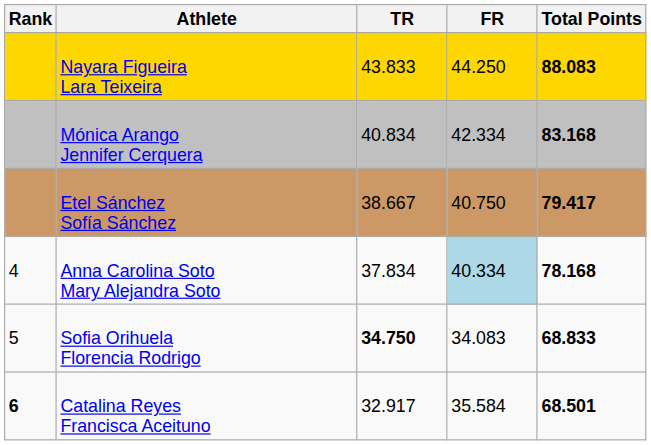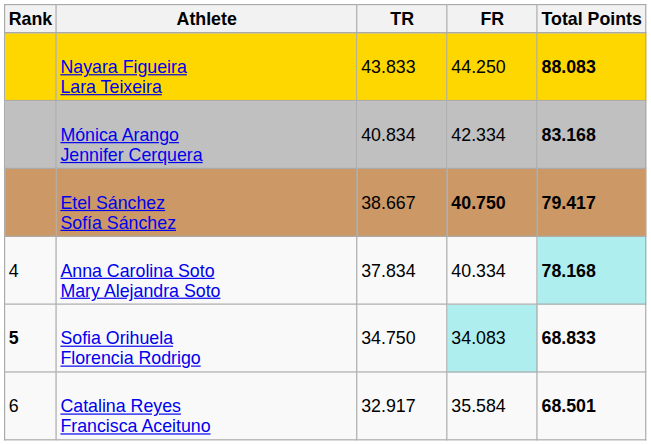 <table class="wikitable" style="font-size:95%" style="width:35em;" style="text-align:center">
 <tr>
 <th>Rank</th>
 <th width=250>Athlete</th>
 <th width=70>TR</th>
 <th width=70>FR</th>
 <th>Total Points</th>
 </tr>
 <tr>
 </tr>
 <tr bgcolor=gold>
 <td></td>
 <td align=left><br><a href='#'>Nayara Figueira</a><br><a href='#'>Lara Teixeira</a></td>
 <td>43.833</td>
 <td>44.250</td>
 <td><strong>88.083</strong></td>
 </tr>
 <tr bgcolor=silver>
 <td></td>
 <td align=left><br><a href='#'>Mónica Arango</a><br><a href='#'>Jennifer Cerquera</a></td>
 <td>40.834</td>
 <td>42.334</td>
 <td><strong>83.168</strong></td>
 </tr>
 <tr bgcolor=cc9966>
 <td></td>
 <td align=left><br><a href='#'>Etel Sánchez</a><br><a href='#'>Sofía Sánchez</a></td>
 <td>38.667</td>
-<td>40.750</td>
+<td><strong>40.750</strong></td>
 <td><strong>79.417</strong></td>
 </tr>
 <tr>
 <td>4</td>
 <td align=left><br><a href='#'>Anna Carolina Soto</a><br><a href='#'>Mary Alejandra Soto</a></td>
 <td>37.834</td>
-<td style="background: lightblue;">40.334</td>
-<td><strong>78.168</strong></td>
+<td>40.334</td>
+<td style="background: paleturquoise;"><strong>78.168</strong></td>
 </tr>
 <tr>
-<td>5</td>
+<td><strong>5</strong></td>
 <td align=left><br><a href='#'>Sofia Orihuela</a><br><a href='#'>Florencia Rodrigo</a></td>
-<td><strong>34.750</strong></td>
-<td>34.083</td>
+<td>34.750</td>
+<td style="background: paleturquoise;">34.083</td>
 <td><strong>68.833</strong></td>
 </tr>
 <tr>
-<td><strong>6</strong></td>
+<td>6</td>
 <td align=left><br><a href='#'>Catalina Reyes</a><br><a href='#'>Francisca Aceituno</a></td>
 <td>32.917</td>
 <td>35.584</td>
 <td><strong>68.501</strong></td>
 </tr>
 </table>
